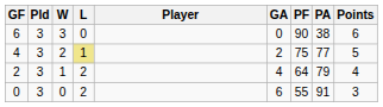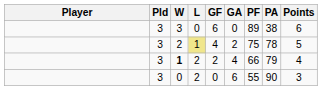 <table class=wikitable style="text-align:center">
 <tr>
-<th width=20>GF</th>
+<th width=220>Player</th>
 <th width=20>Pld</th>
 <th width=20>W</th>
 <th width=20>L</th>
-<th width=220>Player</th>
+<th width=20>GF</th>
 <th width=20>GA</th>
 <th width=20>PF</th>
 <th width=20>PA</th>
 <th width=50>Points</th>
 </tr>
 <tr>
-<td>6</td>
+<td align=left></td>
 <td>3</td>
 <td>3</td>
 <td>0</td>
-<td align=left></td>
+<td>6</td>
 <td>0</td>
-<td>90</td>
+<td>89</td>
 <td>38</td>
 <td>6</td>
 </tr>
 <tr>
-<td>4</td>
+<td align=left></td>
 <td>3</td>
 <td>2</td>
 <td style="background: khaki;">1</td>
-<td align=left></td>
+<td>4</td>
 <td>2</td>
 <td>75</td>
-<td>77</td>
+<td>78</td>
 <td>5</td>
 </tr>
 <tr>
+<td align=left></td>
+<td>3</td>
+<td><strong>1</strong></td>
 <td>2</td>
-<td>3</td>
-<td>1</td>
 <td>2</td>
-<td align=left></td>
 <td>4</td>
-<td>64</td>
+<td>66</td>
 <td>79</td>
 <td>4</td>
 </tr>
 <tr>
-<td>0</td>
+<td align=left></td>
 <td>3</td>
 <td>0</td>
 <td>2</td>
-<td align=left></td>
+<td>0</td>
 <td>6</td>
 <td>55</td>
-<td>91</td>
+<td>90</td>
 <td>3</td>
 </tr>
 </table>
